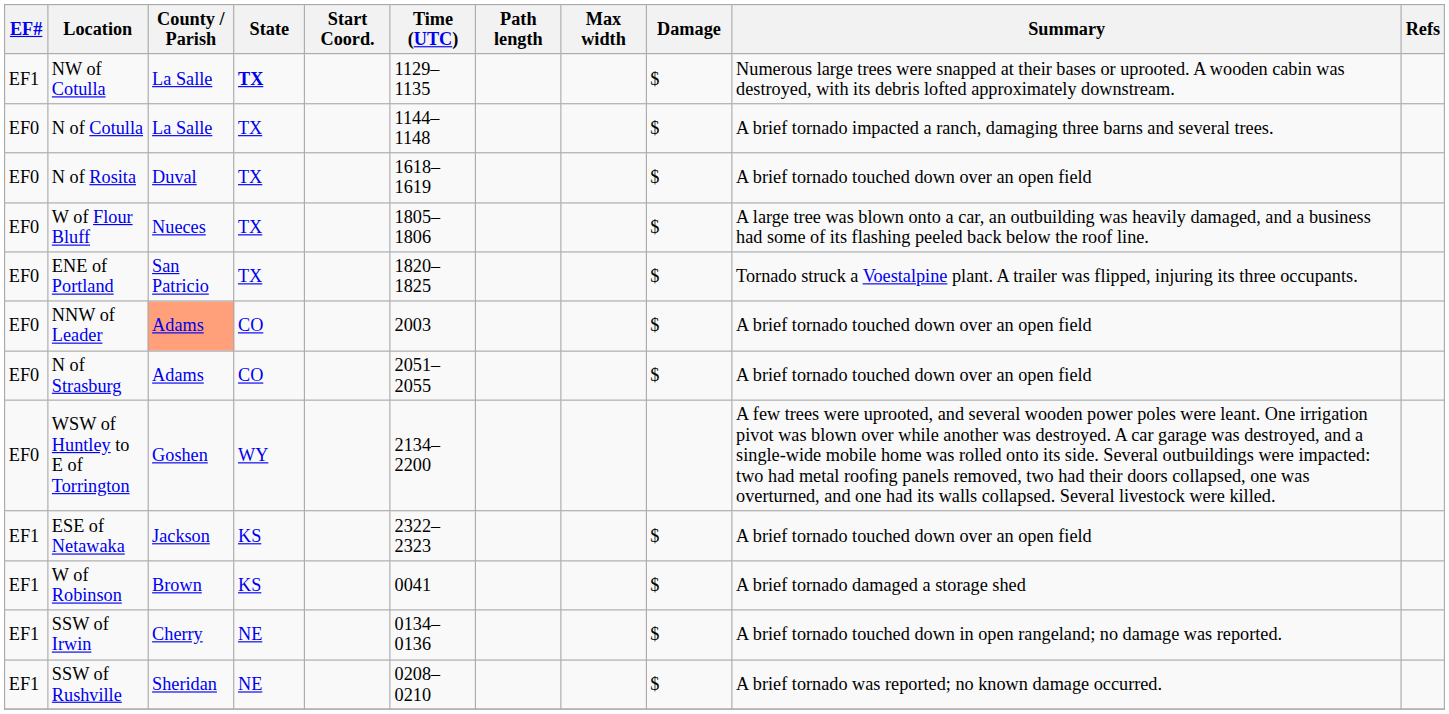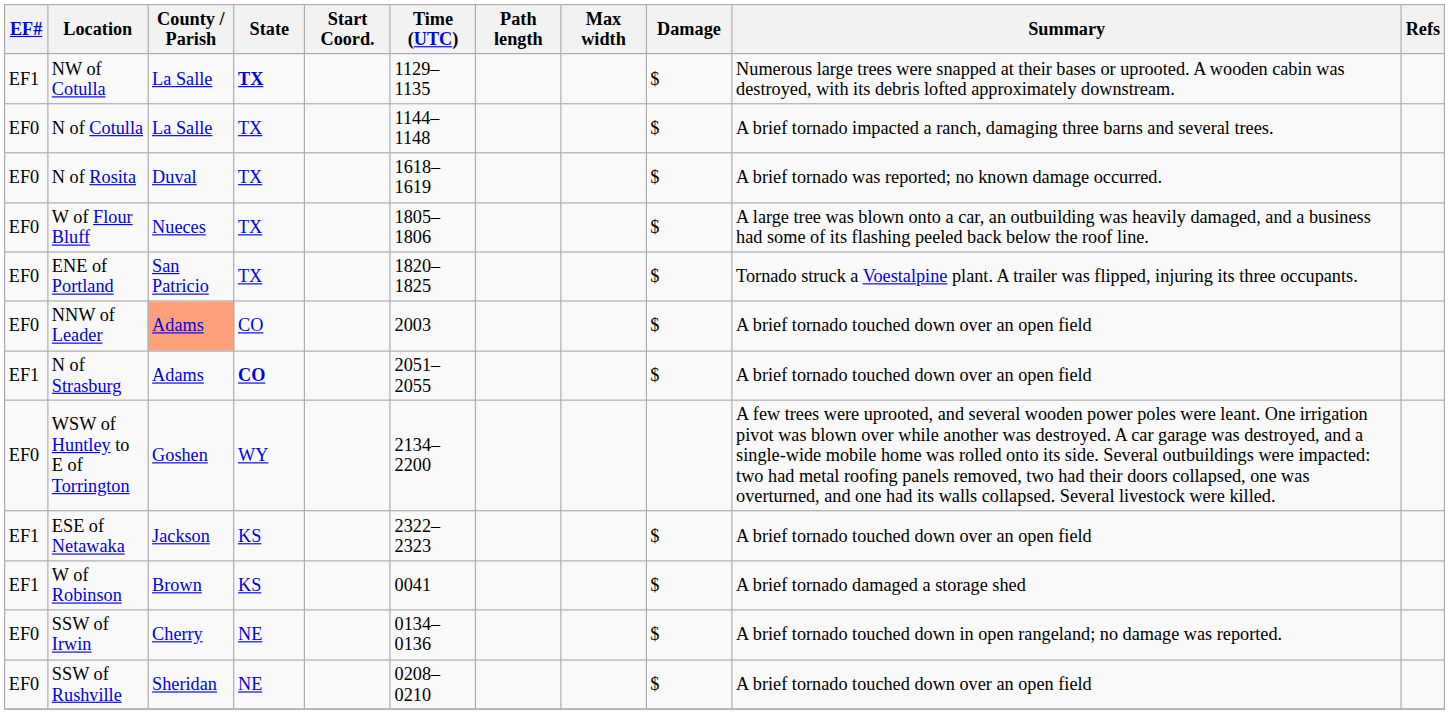 <table class="wikitable sortable" style="width:100%;">
 <tr>
 <th scope="col" width="3%" align="center"><a href='#'>EF#</a></th>
 <th scope="col" width="7%" align="center" class="unsortable">Location</th>
 <th scope="col" width="6%" align="center" class="unsortable">County / Parish</th>
 <th scope="col" width="5%" align="center">State</th>
 <th scope="col" width="6%" align="center">Start Coord.</th>
 <th scope="col" width="6%" align="center">Time (<a href='#'>UTC</a>)</th>
 <th scope="col" width="6%" align="center">Path length</th>
 <th scope="col" width="6%" align="center">Max width</th>
 <th scope="col" width="6%" align="center">Damage</th>
 <th scope="col" width="48%" class="unsortable" align="center">Summary</th>
 <th scope="col" width="48%" class="unsortable" align="center">Refs</th>
 </tr>
 <tr>
 <td>EF1</td>
 <td>NW of <a href='#'>Cotulla</a></td>
 <td><a href='#'>La Salle</a></td>
 <td><strong><a href='#'>TX</a></strong></td>
 <td></td>
 <td>1129–1135</td>
 <td></td>
 <td></td>
 <td>$</td>
 <td>Numerous large trees were snapped at their bases or uprooted. A wooden cabin was destroyed, with its debris lofted approximately  downstream.</td>
 <td></td>
 </tr>
 <tr>
 <td>EF0</td>
 <td>N of <a href='#'>Cotulla</a></td>
 <td><a href='#'>La Salle</a></td>
 <td><a href='#'>TX</a></td>
 <td></td>
 <td>1144–1148</td>
 <td></td>
 <td></td>
 <td>$</td>
 <td>A brief tornado impacted a ranch, damaging three barns and several trees.</td>
 <td></td>
 </tr>
 <tr>
 <td>EF0</td>
 <td>N of <a href='#'>Rosita</a></td>
 <td><a href='#'>Duval</a></td>
 <td><a href='#'>TX</a></td>
 <td></td>
 <td>1618–1619</td>
 <td></td>
 <td></td>
 <td>$</td>
-<td>A brief tornado touched down over an open field</td>
+<td>A brief tornado was reported; no known damage occurred.</td>
 <td></td>
 </tr>
 <tr>
 <td>EF0</td>
 <td>W of <a href='#'>Flour Bluff</a></td>
 <td><a href='#'>Nueces</a></td>
 <td><a href='#'>TX</a></td>
 <td></td>
 <td>1805–1806</td>
 <td></td>
 <td></td>
 <td>$</td>
 <td>A large tree was blown onto a car, an outbuilding was heavily damaged, and a business had some of its flashing peeled back below the roof line.</td>
 <td></td>
 </tr>
 <tr>
 <td>EF0</td>
 <td>ENE of <a href='#'>Portland</a></td>
 <td><a href='#'>San Patricio</a></td>
 <td><a href='#'>TX</a></td>
 <td></td>
 <td>1820–1825</td>
 <td></td>
 <td></td>
 <td>$</td>
 <td>Tornado struck a <a href='#'>Voestalpine</a> plant. A trailer was flipped, injuring its three occupants.</td>
 <td></td>
 </tr>
 <tr>
 <td>EF0</td>
 <td>NNW of <a href='#'>Leader</a></td>
 <td style="background: lightsalmon;"><a href='#'>Adams</a></td>
 <td><a href='#'>CO</a></td>
 <td></td>
 <td>2003</td>
 <td></td>
 <td></td>
 <td>$</td>
 <td>A brief tornado touched down over an open field</td>
 <td></td>
 </tr>
 <tr>
-<td>EF0</td>
+<td>EF1</td>
 <td>N of <a href='#'>Strasburg</a></td>
 <td><a href='#'>Adams</a></td>
-<td><a href='#'>CO</a></td>
+<td><strong><a href='#'>CO</a></strong></td>
 <td></td>
 <td>2051–2055</td>
 <td></td>
 <td></td>
 <td>$</td>
 <td>A brief tornado touched down over an open field</td>
 <td></td>
 </tr>
 <tr>
 <td>EF0</td>
 <td>WSW of <a href='#'>Huntley</a> to E of <a href='#'>Torrington</a></td>
 <td><a href='#'>Goshen</a></td>
 <td><a href='#'>WY</a></td>
 <td></td>
 <td>2134–2200</td>
 <td></td>
 <td></td>
 <td></td>
 <td>A few trees were uprooted, and several wooden power poles were leant. One irrigation pivot was blown over while another was destroyed. A car garage was destroyed, and a single-wide mobile home was rolled onto its side. Several outbuildings were impacted: two had metal roofing panels removed, two had their doors collapsed, one was overturned, and one had its walls collapsed. Several livestock were killed.</td>
 <td></td>
 </tr>
 <tr>
 <td>EF1</td>
 <td>ESE of <a href='#'>Netawaka</a></td>
 <td><a href='#'>Jackson</a></td>
 <td><a href='#'>KS</a></td>
 <td></td>
 <td>2322–2323</td>
 <td></td>
 <td></td>
 <td>$</td>
 <td>A brief tornado touched down over an open field</td>
 <td></td>
 </tr>
 <tr>
 <td>EF1</td>
 <td>W of <a href='#'>Robinson</a></td>
 <td><a href='#'>Brown</a></td>
 <td><a href='#'>KS</a></td>
 <td></td>
 <td>0041</td>
 <td></td>
 <td></td>
 <td>$</td>
 <td>A brief tornado damaged a storage shed</td>
 <td></td>
 </tr>
 <tr>
-<td>EF1</td>
+<td>EF0</td>
 <td>SSW of <a href='#'>Irwin</a></td>
 <td><a href='#'>Cherry</a></td>
 <td><a href='#'>NE</a></td>
 <td></td>
 <td>0134–0136</td>
 <td></td>
 <td></td>
 <td>$</td>
 <td>A brief tornado touched down in open rangeland; no damage was reported.</td>
 <td></td>
 </tr>
 <tr>
-<td>EF1</td>
+<td>EF0</td>
 <td>SSW of <a href='#'>Rushville</a></td>
 <td><a href='#'>Sheridan</a></td>
 <td><a href='#'>NE</a></td>
 <td></td>
 <td>0208–0210</td>
 <td></td>
 <td></td>
 <td>$</td>
-<td>A brief tornado was reported; no known damage occurred.</td>
+<td>A brief tornado touched down over an open field</td>
 <td></td>
 </tr>
 <tr>
 </tr>
 </table>
